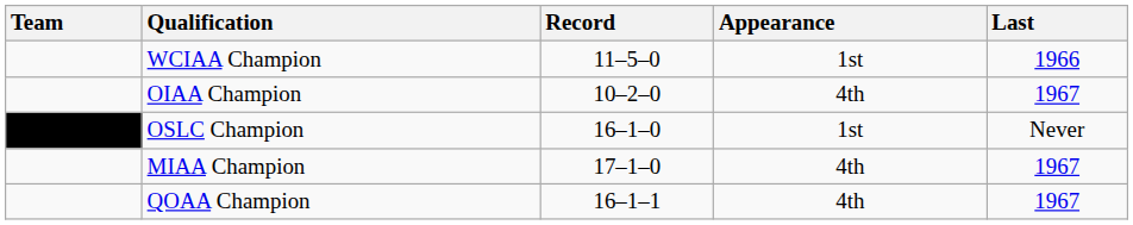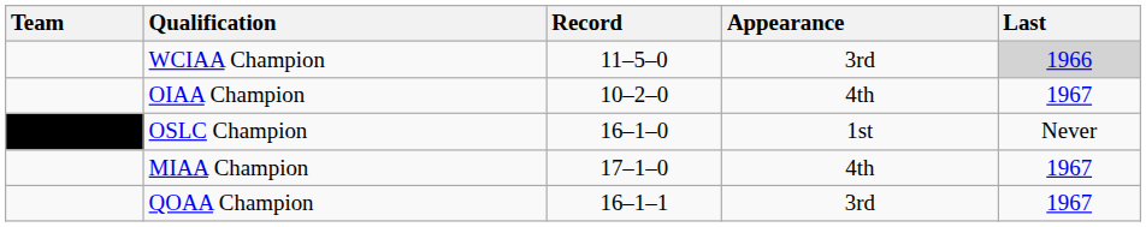 <table class="wikitable sortable" style="text-align: center;" width=800>
 <tr style="background:#efefef; text-align:center">
 <th style="text-align:left">Team</th>
 <th style="text-align:left">Qualification</th>
 <th style="text-align:left">Record</th>
 <th style="text-align:left">Appearance</th>
 <th style="text-align:left">Last</th>
 </tr>
 <tr style="text-align:center">
 <td style="text-align:left; "><a href='#'></a></td>
 <td style="text-align:left"><a href='#'>WCIAA</a> Champion</td>
 <td style="text-align:center">11–5–0</td>
-<td style="text-align:center">1st</td>
-<td style="text-align:center"><a href='#'>1966</a></td>
+<td style="text-align:center">3rd</td>
+<td style="background: lightgrey; text-align:center"><a href='#'>1966</a></td>
 </tr>
 <tr style="text-align:center">
 <td style="text-align:left; "><a href='#'></a></td>
 <td style="text-align:left"><a href='#'>OIAA</a> Champion</td>
 <td style="text-align:center">10–2–0</td>
 <td style="text-align:center">4th</td>
 <td style="text-align:center"><a href='#'>1967</a></td>
 </tr>
 <tr style="text-align:center">
 <td style="text-align:left; color:white; background:#000000"><a href='#'></a></td>
 <td style="text-align:left"><a href='#'>OSLC</a> Champion</td>
 <td style="text-align:center">16–1–0</td>
 <td style="text-align:center">1st</td>
 <td style="text-align:center">Never</td>
 </tr>
 <tr style="text-align:center">
 <td style="text-align:left; "><a href='#'></a></td>
 <td style="text-align:left"><a href='#'>MIAA</a> Champion</td>
 <td style="text-align:center">17–1–0</td>
 <td style="text-align:center">4th</td>
 <td style="text-align:center"><a href='#'>1967</a></td>
 </tr>
 <tr style="text-align:center">
 <td style="text-align:left; "><a href='#'></a></td>
 <td style="text-align:left"><a href='#'>QOAA</a> Champion</td>
 <td style="text-align:center">16–1–1</td>
-<td style="text-align:center">4th</td>
+<td style="text-align:center">3rd</td>
 <td style="text-align:center"><a href='#'>1967</a></td>
 </tr>
 </table>
